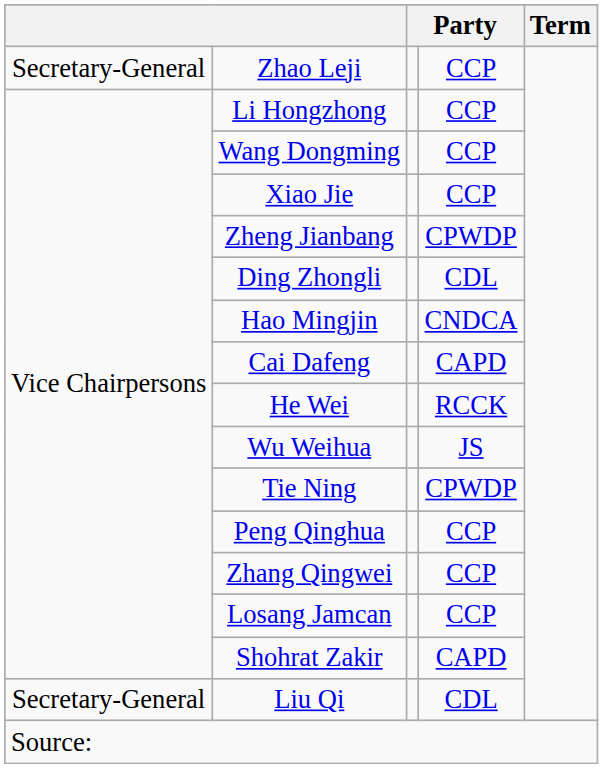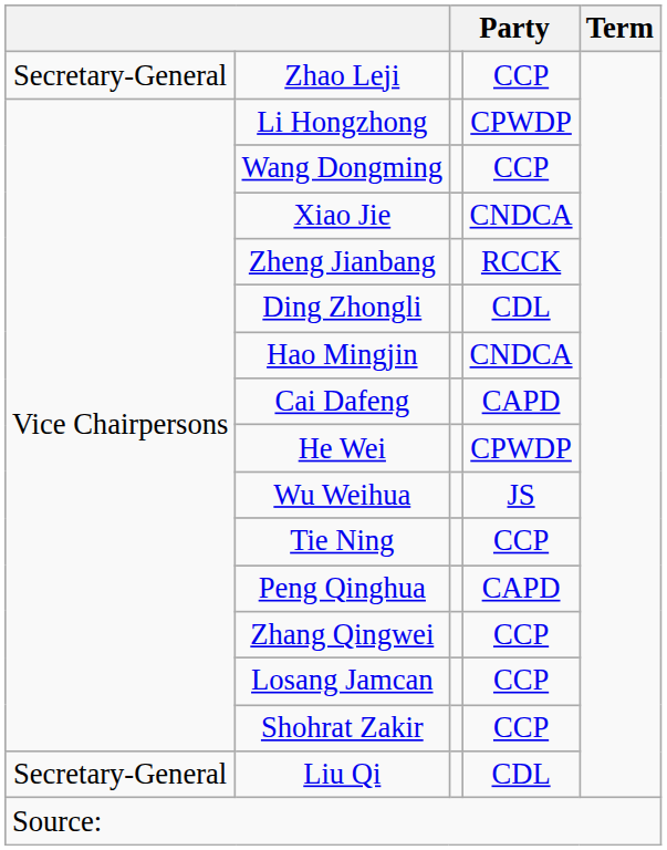 <table class="wikitable" style="text-align:center">
 <tr>
 <th colspan="2"></th>
 <th colspan="2">Party</th>
 <th>Term</th>
 </tr>
 <tr>
 <td>Secretary-General</td>
 <td><a href='#'>Zhao Leji</a></td>
 <td style="background:"></td>
 <td><a href='#'>CCP</a></td>
 <td rowspan="16"></td>
 </tr>
 <tr>
 <td rowspan="14">Vice Chairpersons</td>
 <td><a href='#'>Li Hongzhong</a></td>
 <td style="background:"></td>
-<td><a href='#'>CCP</a></td>
+<td><a href='#'>CPWDP</a></td>
 </tr>
 <tr>
 <td><a href='#'>Wang Dongming</a></td>
 <td style="background:"></td>
 <td><a href='#'>CCP</a></td>
 </tr>
 <tr>
 <td><a href='#'>Xiao Jie</a></td>
 <td style="background:"></td>
-<td><a href='#'>CCP</a></td>
+<td><a href='#'>CNDCA</a></td>
 </tr>
 <tr>
 <td><a href='#'>Zheng Jianbang</a></td>
 <td style="background:"></td>
-<td><a href='#'>CPWDP</a></td>
+<td><a href='#'>RCCK</a></td>
 </tr>
 <tr>
 <td><a href='#'>Ding Zhongli</a></td>
 <td style="background:"></td>
 <td><a href='#'>CDL</a></td>
 </tr>
 <tr>
 <td><a href='#'>Hao Mingjin</a></td>
 <td style="background:"></td>
 <td><a href='#'>CNDCA</a></td>
 </tr>
 <tr>
 <td><a href='#'>Cai Dafeng</a></td>
 <td style="background:"></td>
 <td><a href='#'>CAPD</a></td>
 </tr>
 <tr>
 <td><a href='#'>He Wei</a></td>
 <td style="background:"></td>
-<td><a href='#'>RCCK</a></td>
+<td><a href='#'>CPWDP</a></td>
 </tr>
 <tr>
 <td><a href='#'>Wu Weihua</a></td>
 <td style="background:"></td>
 <td><a href='#'>JS</a></td>
 </tr>
 <tr>
 <td><a href='#'>Tie Ning</a></td>
 <td style="background:"></td>
-<td><a href='#'>CPWDP</a></td>
+<td><a href='#'>CCP</a></td>
 </tr>
 <tr>
 <td><a href='#'>Peng Qinghua</a></td>
 <td style="background:"></td>
-<td><a href='#'>CCP</a></td>
+<td><a href='#'>CAPD</a></td>
 </tr>
 <tr>
 <td><a href='#'>Zhang Qingwei</a></td>
 <td style="background:"></td>
 <td><a href='#'>CCP</a></td>
 </tr>
 <tr>
 <td><a href='#'>Losang Jamcan</a></td>
 <td style="background:"></td>
 <td><a href='#'>CCP</a></td>
 </tr>
 <tr>
 <td><a href='#'>Shohrat Zakir</a></td>
 <td style="background:"></td>
-<td><a href='#'>CAPD</a></td>
+<td><a href='#'>CCP</a></td>
 </tr>
 <tr>
 <td>Secretary-General</td>
 <td><a href='#'>Liu Qi</a></td>
 <td style="background:"></td>
 <td><a href='#'>CDL</a></td>
 </tr>
 <tr>
 <td colspan="5" align="left">Source:</td>
 </tr>
 </table>
